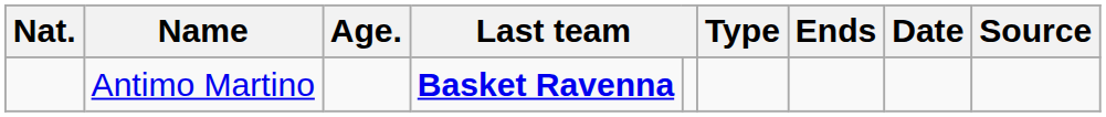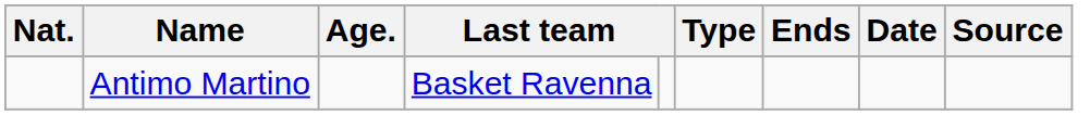 <table class="wikitable sortable">
 <tr>
 <th>Nat.</th>
 <th>Name</th>
 <th>Age.</th>
 <th colspan=2>Last team</th>
 <th>Type</th>
 <th>Ends</th>
 <th>Date</th>
 <th>Source</th>
 </tr>
 <tr>
 <td></td>
 <td><a href='#'>Antimo Martino</a></td>
 <td></td>
-<td><strong><a href='#'>Basket Ravenna</a></strong></td>
+<td><a href='#'>Basket Ravenna</a></td>
 <td></td>
 <td></td>
 <td></td>
 <td></td>
 <td></td>
 </tr>
 </table>
